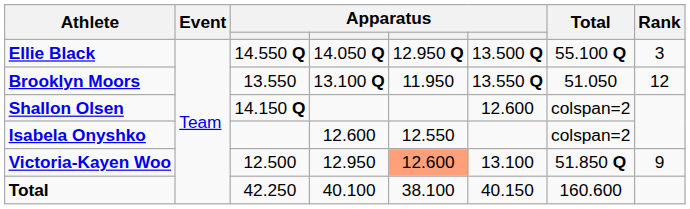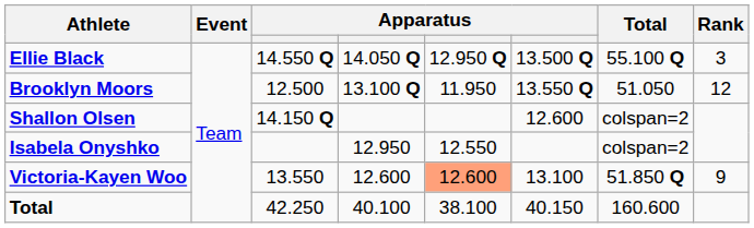 <table class="wikitable" style="font-size:90%">
 <tr>
 <th rowspan=2>Athlete</th>
 <th rowspan=2>Event</th>
 <th colspan=4>Apparatus</th>
 <th rowspan=2>Total</th>
 <th rowspan=2>Rank</th>
 </tr>
 <tr style="font-size:95%">
 <th></th>
 <th></th>
 <th></th>
 <th></th>
 </tr>
 <tr align=center>
 <td align=left><strong><a href='#'>Ellie Black</a></strong></td>
 <td align=left rowspan=6><a href='#'>Team</a></td>
 <td>14.550	<strong>Q</strong></td>
 <td>14.050	<strong>Q</strong></td>
 <td>12.950	<strong>Q</strong></td>
 <td>13.500 <strong>Q</strong></td>
 <td>55.100 <strong>Q</strong></td>
 <td>3</td>
 </tr>
 <tr align=center>
 <td align=left><strong><a href='#'>Brooklyn Moors</a></strong></td>
-<td>13.550</td>
+<td>12.500</td>
 <td>13.100	<strong>Q</strong></td>
 <td>11.950</td>
 <td>13.550 <strong>Q</strong></td>
 <td>51.050</td>
 <td>12</td>
 </tr>
 <tr align=center>
 <td align=left><strong><a href='#'>Shallon Olsen</a></strong></td>
 <td>14.150 <strong>Q</strong></td>
 <td></td>
 <td></td>
 <td>12.600</td>
 <td>colspan=2 </td>
 </tr>
 <tr align=center>
 <td align=left><strong><a href='#'>Isabela Onyshko</a></strong></td>
 <td></td>
-<td>12.600</td>
+<td>12.950</td>
 <td>12.550</td>
 <td></td>
 <td>colspan=2 </td>
 </tr>
 <tr align=center>
 <td align=left><strong><a href='#'>Victoria-Kayen Woo</a></strong></td>
-<td>12.500</td>
-<td>12.950</td>
+<td>13.550</td>
+<td>12.600</td>
 <td style="background: lightsalmon;">12.600</td>
 <td>13.100</td>
 <td>51.850 <strong>Q</strong></td>
 <td>9</td>
 </tr>
 <tr align=center>
 <td align=left><strong>Total</strong></td>
 <td>42.250</td>
 <td>40.100</td>
 <td>38.100</td>
 <td>40.150</td>
 <td>160.600</td>
 <td></td>
 </tr>
 </table>
